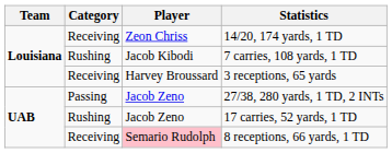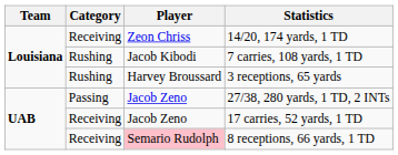 <table class="wikitable" style="float: left;">
 <tr>
 <th>Team</th>
 <th>Category</th>
 <th>Player</th>
 <th>Statistics</th>
 </tr>
 <tr>
 <td rowspan=3><strong>Louisiana</strong></td>
 <td>Receiving</td>
 <td><a href='#'>Zeon Chriss</a></td>
 <td>14/20, 174 yards, 1 TD</td>
 </tr>
 <tr>
 <td>Rushing</td>
 <td>Jacob Kibodi</td>
 <td>7 carries, 108 yards, 1 TD</td>
 </tr>
 <tr>
-<td>Receiving</td>
+<td>Rushing</td>
 <td>Harvey Broussard</td>
 <td>3 receptions, 65 yards</td>
 </tr>
 <tr>
 <td rowspan=3><strong>UAB</strong></td>
 <td>Passing</td>
 <td><a href='#'>Jacob Zeno</a></td>
 <td>27/38, 280 yards, 1 TD, 2 INTs</td>
 </tr>
 <tr>
-<td>Rushing</td>
+<td>Receiving</td>
 <td>Jacob Zeno</td>
 <td>17 carries, 52 yards, 1 TD</td>
 </tr>
 <tr>
 <td>Receiving</td>
 <td style="background: pink;">Semario Rudolph</td>
 <td>8 receptions, 66 yards, 1 TD</td>
 </tr>
 </table>
